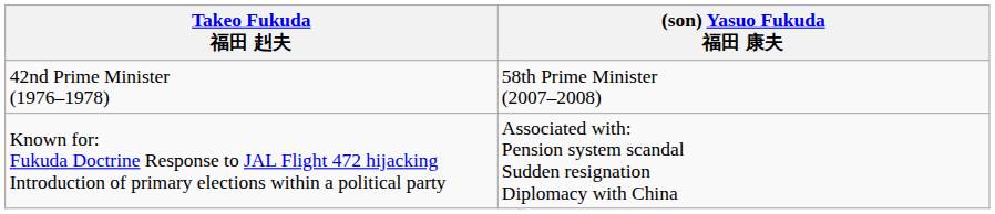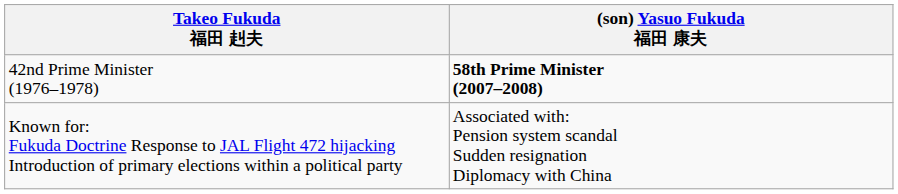 <table class="wikitable" style="margin-left: auto; margin-right: auto; border: none;">
 <tr>
 <th scope="col" style="width: 300pt;"><a href='#'>Takeo Fukuda</a><br>福田 赳夫<br></th>
 <th scope="col" style="width: 300pt;">(son) <a href='#'>Yasuo Fukuda</a><br>福田 康夫<br></th>
 </tr>
 <tr>
 <td>42nd Prime Minister<br>(1976–1978)</td>
-<td>58th Prime Minister<br>(2007–2008)</td>
+<td><strong>58th Prime Minister<br>(2007–2008)</strong></td>
 </tr>
 <tr>
 <td>Known for:<br><a href='#'>Fukuda Doctrine</a> Response to <a href='#'>JAL Flight 472 hijacking</a><br>Introduction of primary elections within a political party</td>
 <td>Associated with:<br>Pension system scandal<br>Sudden resignation<br>Diplomacy with China</td>
 </tr>
 </table>
